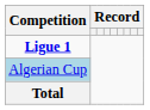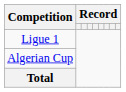 <table class="wikitable" style="text-align: center">
 <tr>
 <th rowspan=2>Competition</th>
 <th colspan=8>Record</th>
 </tr>
 <tr>
 <th></th>
 <th></th>
 <th></th>
 <th></th>
 <th></th>
 <th></th>
 <th></th>
 <th></th>
 </tr>
 <tr>
-<td><strong><a href='#'>Ligue 1</a><br></strong></td>
+<td><a href='#'>Ligue 1</a><br></td>
 </tr>
 <tr>
-<td style="background: lightblue;"><a href='#'>Algerian Cup</a><br></td>
+<td><a href='#'>Algerian Cup</a><br></td>
 </tr>
 <tr>
 <th>Total<br></th>
 </tr>
 </table>
